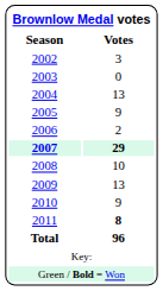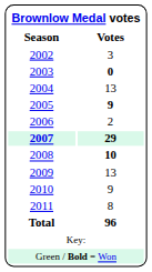 <table style="margin-right:4px; margin-top:8px; float:right; border:1px #000 solid; border-radius:8px; background:#fff; font-family:Verdana; font-size:8pt; text-align:center;">
 <tr style="background:#fff;">
 <td colspan="2;" style="padding:3px; margin-bottom:-3px; margin-top:2px; font-family:Arial; "><strong><a href='#'>Brownlow Medal</a> votes</strong></td>
 </tr>
 <tr>
 <th style="width:50%;">Season</th>
 <th style="width:50%;">Votes</th>
 </tr>
 <tr>
 <td><a href='#'>2002</a></td>
 <td>3</td>
 </tr>
 <tr>
 <td><a href='#'>2003</a></td>
-<td>0</td>
+<td><strong>0</strong></td>
 </tr>
 <tr>
 <td><a href='#'>2004</a></td>
 <td>13</td>
 </tr>
 <tr>
 <td><a href='#'>2005</a></td>
-<td>9</td>
+<td><strong>9</strong></td>
 </tr>
 <tr>
 <td><a href='#'>2006</a></td>
 <td>2</td>
 </tr>
 <tr style="background:#D9F9E9;">
 <td><strong><a href='#'>2007</a></strong></td>
 <td><strong>29</strong></td>
 </tr>
 <tr>
 <td><a href='#'>2008</a></td>
-<td>10</td>
+<td><strong>10</strong></td>
 </tr>
 <tr>
 <td><a href='#'>2009</a></td>
 <td>13</td>
 </tr>
 <tr>
 <td><a href='#'>2010</a></td>
 <td>9</td>
 </tr>
 <tr>
 <td><a href='#'>2011</a></td>
-<td><strong>8</strong></td>
+<td>8</td>
 </tr>
 <tr>
 <td><strong>Total</strong></td>
 <td><strong>96</strong></td>
 </tr>
 <tr>
 <td colspan=2><small>Key:</small></td>
 </tr>
 <tr style="background:#d9f9e9; border:1px solid #aaa; width:2em;">
 <td colspan=2><small>Green / <strong>Bold</strong> = <a href='#'>Won</a></small></td>
 </tr>
 </table>
